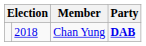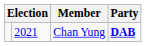 <table class="wikitable">
 <tr>
 <th colspan="2">Election</th>
 <th>Member</th>
 <th>Party</th>
 </tr>
 <tr>
 <td style="background-color: "></td>
-<td><a href='#'>2018</a></td>
+<td><a href='#'>2021</a></td>
 <td><a href='#'>Chan Yung</a></td>
 <td><strong><a href='#'>DAB</a></strong></td>
 </tr>
 </table>
